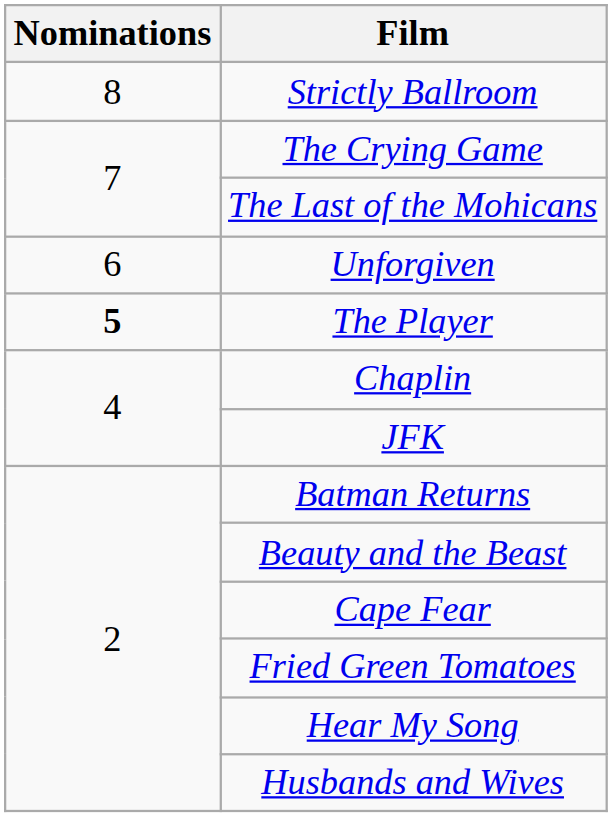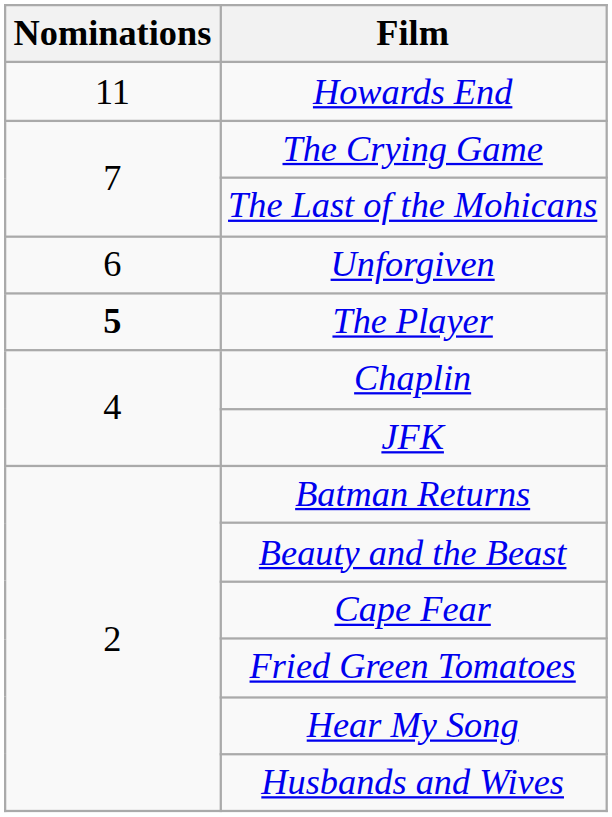 <table class="wikitable" style="text-align:center;">
 <tr>
 <th style="background:">Nominations</th>
 <th style="background:">Film</th>
 </tr>
 <tr>
-<td>8</td>
-<td><em><a href='#'>Strictly Ballroom</a></em></td>
+<td>11</td>
+<td><em><a href='#'>Howards End</a></em></td>
 </tr>
 <tr>
 <td rowspan="2">7</td>
 <td><em><a href='#'>The Crying Game</a></em></td>
 </tr>
 <tr>
 <td><em><a href='#'>The Last of the Mohicans</a></em></td>
 </tr>
 <tr>
 <td>6</td>
 <td><em><a href='#'>Unforgiven</a></em></td>
 </tr>
 <tr>
 <td><strong>5</strong></td>
 <td><em><a href='#'>The Player</a></em></td>
 </tr>
 <tr>
 <td rowspan="2">4</td>
 <td><em><a href='#'>Chaplin</a></em></td>
 </tr>
 <tr>
 <td><em><a href='#'>JFK</a></em></td>
 </tr>
 <tr>
 <td rowspan="6">2</td>
 <td><em><a href='#'>Batman Returns</a></em></td>
 </tr>
 <tr>
 <td><em><a href='#'>Beauty and the Beast</a></em></td>
 </tr>
 <tr>
 <td><em><a href='#'>Cape Fear</a></em></td>
 </tr>
 <tr>
 <td><em><a href='#'>Fried Green Tomatoes</a></em></td>
 </tr>
 <tr>
 <td><em><a href='#'>Hear My Song</a></em></td>
 </tr>
 <tr>
 <td><em><a href='#'>Husbands and Wives</a></em></td>
 </tr>
 </table>
